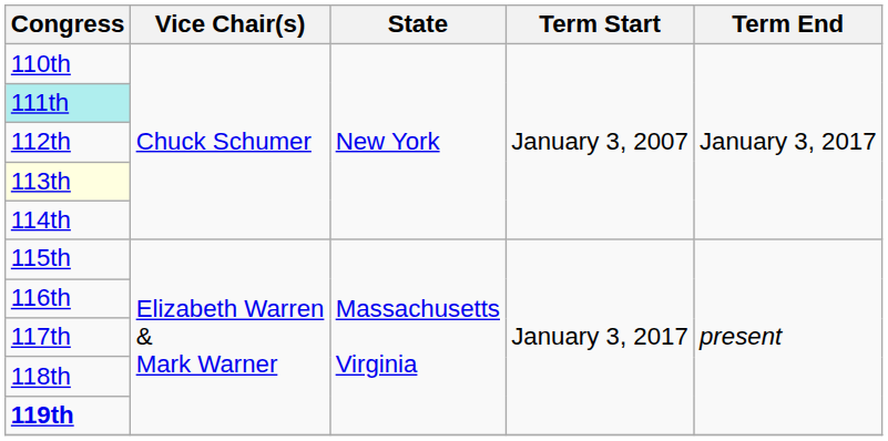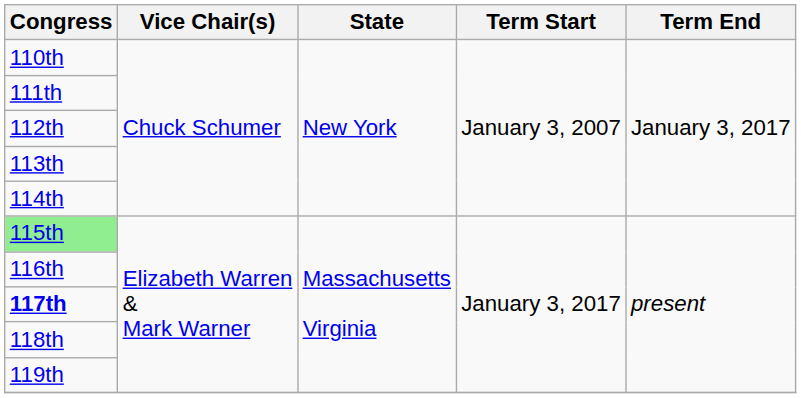 <table class="wikitable">
 <tr>
 <th>Congress</th>
 <th>Vice Chair(s)</th>
 <th>State</th>
 <th>Term Start</th>
 <th>Term End</th>
 </tr>
 <tr>
 <td><a href='#'>110th</a></td>
 <td rowspan=5><div><a href='#'>Chuck Schumer</a></div></td>
 <td rowspan=5><div><a href='#'>New York</a></div></td>
 <td rowspan=5>January 3, 2007</td>
 <td rowspan=5>January 3, 2017</td>
 </tr>
 <tr>
-<td style="background: paleturquoise;"><a href='#'>111th</a></td>
+<td><a href='#'>111th</a></td>
 </tr>
 <tr>
 <td><a href='#'>112th</a></td>
 </tr>
 <tr>
-<td style="background: lightyellow;"><a href='#'>113th</a></td>
+<td><a href='#'>113th</a></td>
 </tr>
 <tr>
 <td><a href='#'>114th</a></td>
 </tr>
 <tr>
-<td><a href='#'>115th</a></td>
+<td style="background: lightgreen;"><a href='#'>115th</a></td>
 <td rowspan=5><div><a href='#'>Elizabeth Warren</a><br>&<br><a href='#'>Mark Warner</a></div></td>
 <td rowspan=5><div><a href='#'>Massachusetts</a><br><br><a href='#'>Virginia</a></div></td>
 <td rowspan=5>January 3, 2017</td>
 <td rowspan=5><em>present</em></td>
 </tr>
 <tr>
 <td><a href='#'>116th</a></td>
 </tr>
 <tr>
-<td><a href='#'>117th</a></td>
+<td><strong><a href='#'>117th</a></strong></td>
 </tr>
 <tr>
 <td><a href='#'>118th</a></td>
 </tr>
 <tr>
-<td><strong><a href='#'>119th</a></strong></td>
+<td><a href='#'>119th</a></td>
 </tr>
 <tr>
 </tr>
 </table>
